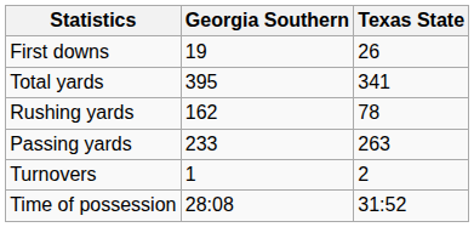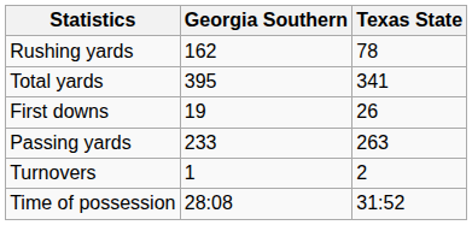 <table class="wikitable">
 <tr>
 <th>Statistics</th>
 <th>Georgia Southern</th>
 <th>Texas State</th>
 </tr>
 <tr>
-<td>First downs</td>
-<td>19</td>
-<td>26</td>
+<td>Rushing yards</td>
+<td>162</td>
+<td>78</td>
 </tr>
 <tr>
 <td>Total yards</td>
 <td>395</td>
 <td>341</td>
 </tr>
 <tr>
-<td>Rushing yards</td>
-<td>162</td>
-<td>78</td>
+<td>First downs</td>
+<td>19</td>
+<td>26</td>
 </tr>
 <tr>
 <td>Passing yards</td>
 <td>233</td>
 <td>263</td>
 </tr>
 <tr>
 <td>Turnovers</td>
 <td>1</td>
 <td>2</td>
 </tr>
 <tr>
 <td>Time of possession</td>
 <td>28:08</td>
 <td>31:52</td>
 </tr>
 <tr>
 </tr>
 </table>
